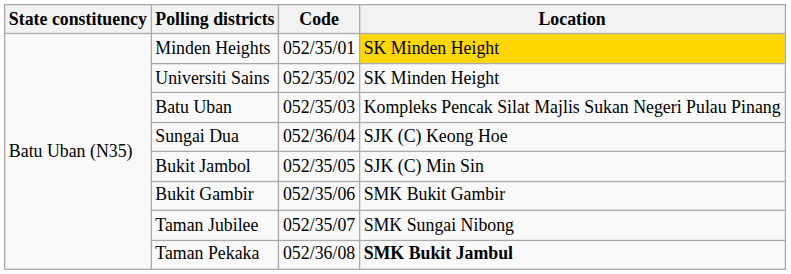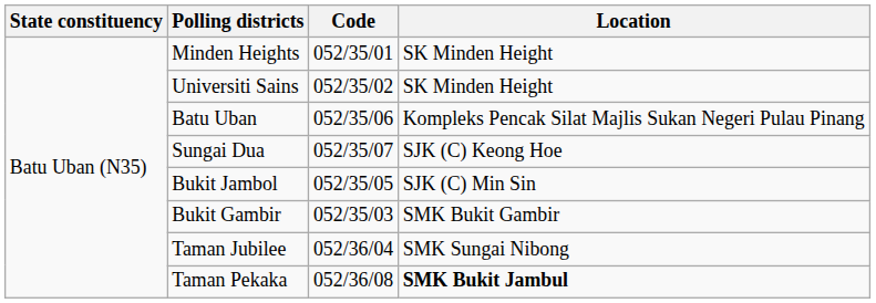 <table class="wikitable sortable mw-collapsible" style="white-space:nowrap;font-size:85%">
 <tr>
 <th>State constituency</th>
 <th>Polling districts</th>
 <th>Code</th>
 <th>Location</th>
 </tr>
 <tr>
 <td rowspan="8">Batu Uban (N35)</td>
 <td>Minden Heights</td>
 <td>052/35/01</td>
-<td style="background: gold;">SK Minden Height</td>
+<td>SK Minden Height</td>
 </tr>
 <tr>
 <td>Universiti Sains</td>
 <td>052/35/02</td>
 <td>SK Minden Height</td>
 </tr>
 <tr>
 <td>Batu Uban</td>
-<td>052/35/03</td>
+<td>052/35/06</td>
 <td>Kompleks Pencak Silat Majlis Sukan Negeri Pulau Pinang</td>
 </tr>
 <tr>
 <td>Sungai Dua</td>
-<td>052/36/04</td>
+<td>052/35/07</td>
 <td>SJK (C) Keong Hoe</td>
 </tr>
 <tr>
 <td>Bukit Jambol</td>
 <td>052/35/05</td>
 <td>SJK (C) Min Sin</td>
 </tr>
 <tr>
 <td>Bukit Gambir</td>
-<td>052/35/06</td>
+<td>052/35/03</td>
 <td>SMK Bukit Gambir</td>
 </tr>
 <tr>
 <td>Taman Jubilee</td>
-<td>052/35/07</td>
+<td>052/36/04</td>
 <td>SMK Sungai Nibong</td>
 </tr>
 <tr>
 <td>Taman Pekaka</td>
 <td>052/36/08</td>
 <td><strong>SMK Bukit Jambul</strong></td>
 </tr>
 </table>
